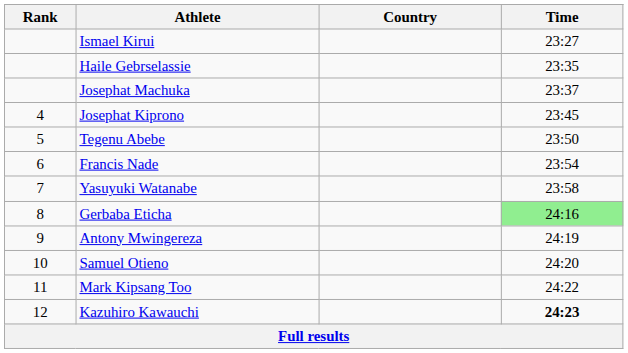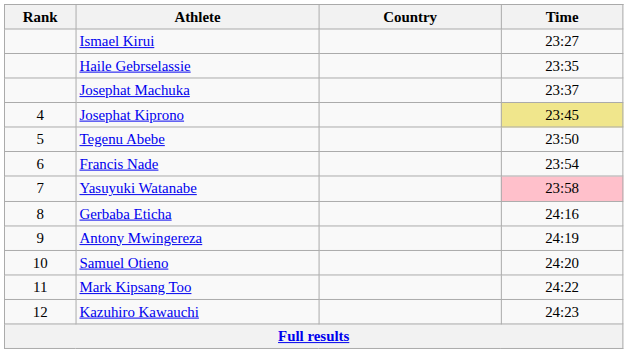 <table class="wikitable sortable" style=" text-align:center; font-size:95%;" width="50%">
 <tr>
 </tr>
 <tr>
 <th width=5%>Rank</th>
 <th width=20%>Athlete</th>
 <th width=15%>Country</th>
 <th width=10%>Time</th>
 </tr>
 <tr>
 <td align=center></td>
 <td align=left><a href='#'>Ismael Kirui</a></td>
 <td align=left></td>
 <td>23:27</td>
 </tr>
 <tr>
 <td align=center></td>
 <td align=left><a href='#'>Haile Gebrselassie</a></td>
 <td align=left></td>
 <td>23:35</td>
 </tr>
 <tr>
 <td align=center></td>
 <td align=left><a href='#'>Josephat Machuka</a></td>
 <td align=left></td>
 <td>23:37</td>
 </tr>
 <tr>
 <td align=center>4</td>
 <td align=left><a href='#'>Josephat Kiprono</a></td>
 <td align=left></td>
-<td>23:45</td>
+<td style="background: khaki;">23:45</td>
 </tr>
 <tr>
 <td align=center>5</td>
 <td align=left><a href='#'>Tegenu Abebe</a></td>
 <td align=left></td>
 <td>23:50</td>
 </tr>
 <tr>
 <td align=center>6</td>
 <td align=left><a href='#'>Francis Nade</a></td>
 <td align=left></td>
 <td>23:54</td>
 </tr>
 <tr>
 <td align=center>7</td>
 <td align=left><a href='#'>Yasuyuki Watanabe</a></td>
 <td align=left></td>
-<td>23:58</td>
+<td style="background: pink;">23:58</td>
 </tr>
 <tr>
 <td align=center>8</td>
 <td align=left><a href='#'>Gerbaba Eticha</a></td>
 <td align=left></td>
-<td style="background: lightgreen;">24:16</td>
+<td>24:16</td>
 </tr>
 <tr>
 <td align=center>9</td>
 <td align=left><a href='#'>Antony Mwingereza</a></td>
 <td align=left></td>
 <td>24:19</td>
 </tr>
 <tr>
 <td align=center>10</td>
 <td align=left><a href='#'>Samuel Otieno</a></td>
 <td align=left></td>
 <td>24:20</td>
 </tr>
 <tr>
 <td align=center>11</td>
 <td align=left><a href='#'>Mark Kipsang Too</a></td>
 <td align=left></td>
 <td>24:22</td>
 </tr>
 <tr>
 <td align=center>12</td>
 <td align=left><a href='#'>Kazuhiro Kawauchi</a></td>
 <td align=left></td>
-<td><strong>24:23</strong></td>
+<td>24:23</td>
 </tr>
 <tr class="sortbottom">
 <th colspan=4 align=center><a href='#'>Full results</a></th>
 </tr>
 </table>
